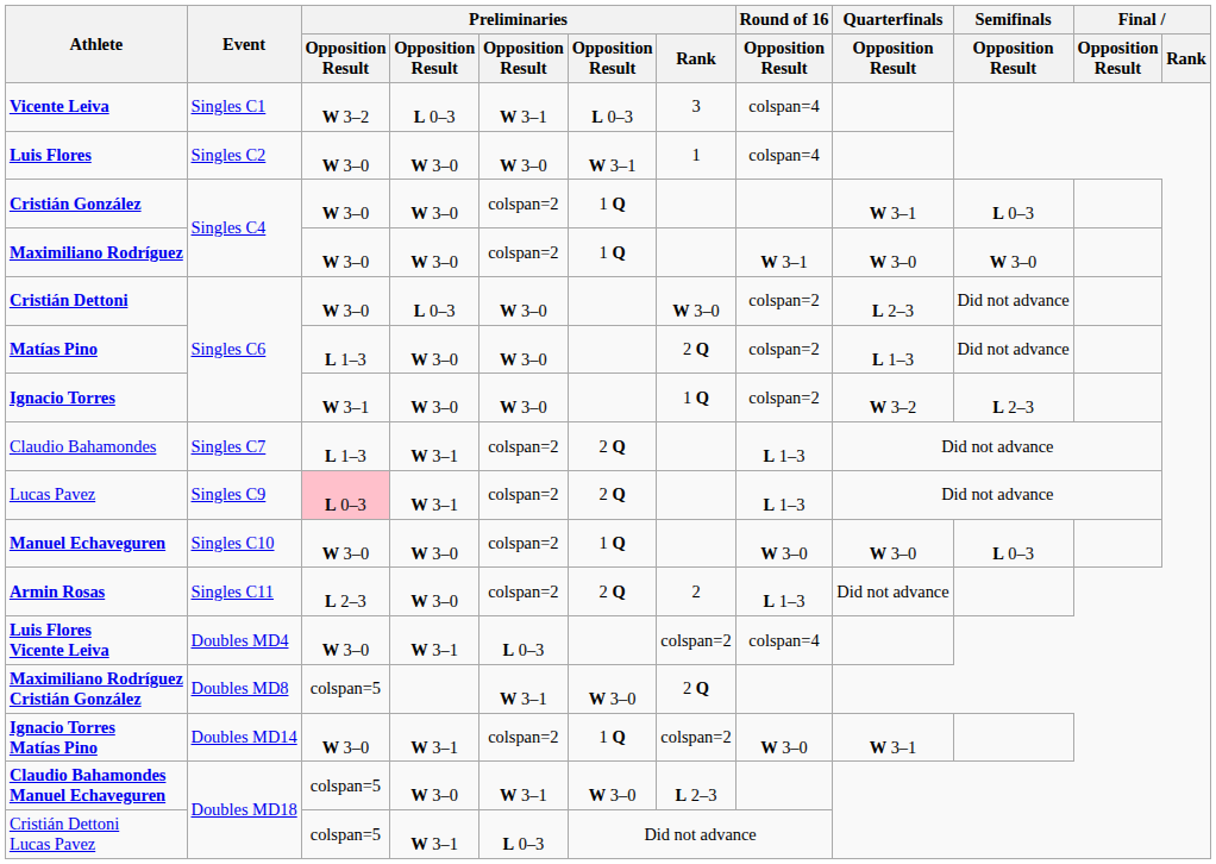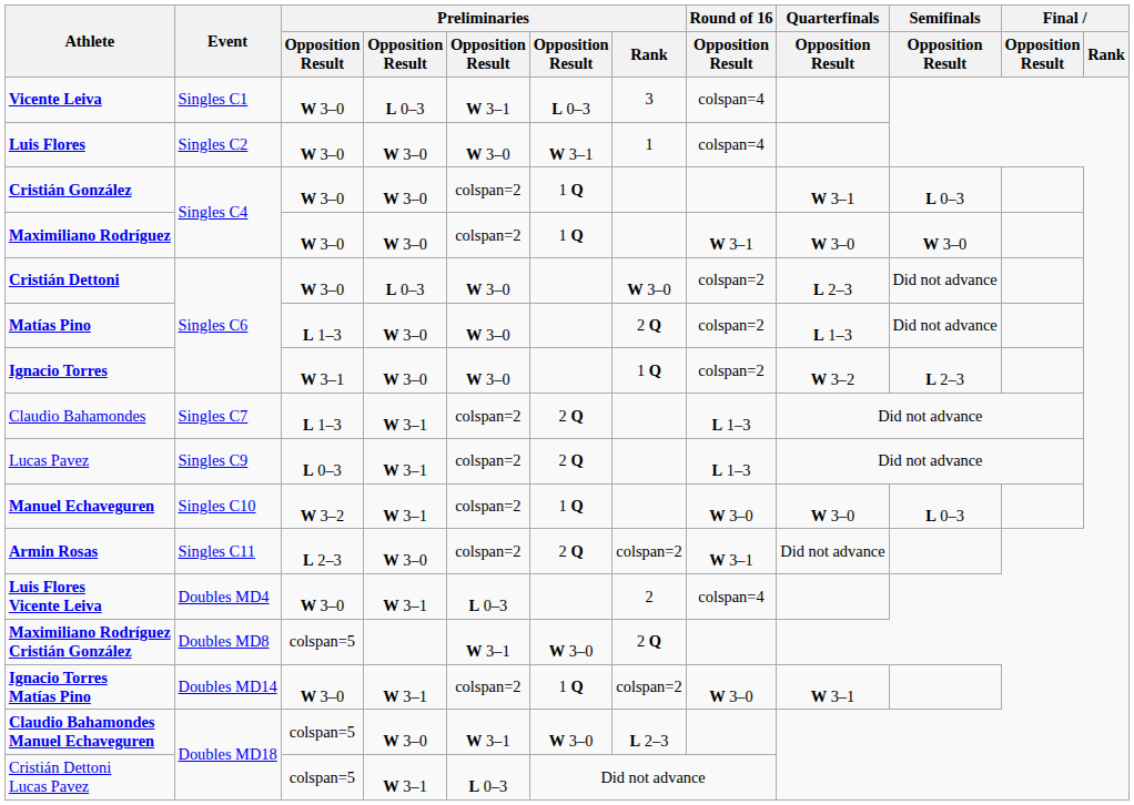 <table class=wikitable style="font-size:90%">
 <tr>
 <th rowspan="2">Athlete</th>
 <th rowspan="2">Event</th>
 <th colspan="5">Preliminaries</th>
 <th>Round of 16</th>
 <th>Quarterfinals</th>
 <th>Semifinals</th>
 <th colspan="2">Final / </th>
 </tr>
 <tr>
 <th>Opposition<br>Result</th>
 <th>Opposition<br>Result</th>
 <th>Opposition<br>Result</th>
 <th>Opposition<br>Result</th>
 <th>Rank</th>
 <th>Opposition<br>Result</th>
 <th>Opposition<br>Result</th>
 <th>Opposition<br>Result</th>
 <th>Opposition<br>Result</th>
 <th>Rank</th>
 </tr>
 <tr align=center>
 <td align=left><strong><a href='#'>Vicente Leiva</a></strong></td>
 <td align=left><a href='#'>Singles C1</a></td>
-<td><br><strong>W</strong> 3–2</td>
+<td><br><strong>W</strong> 3–0</td>
 <td><br><strong>L</strong> 0–3</td>
 <td><br><strong>W</strong> 3–1</td>
 <td><br><strong>L</strong> 0–3</td>
 <td>3</td>
 <td>colspan=4 </td>
 <td></td>
 </tr>
 <tr align=center>
 <td align=left><strong><a href='#'>Luis Flores</a></strong></td>
 <td align=left><a href='#'>Singles C2</a></td>
 <td><br><strong>W</strong> 3–0</td>
 <td><br><strong>W</strong> 3–0</td>
 <td><br><strong>W</strong> 3–0</td>
 <td><br><strong>W</strong> 3–1</td>
 <td>1</td>
 <td>colspan=4 </td>
 <td></td>
 </tr>
 <tr align=center>
 <td align=left><strong><a href='#'>Cristián González</a></strong></td>
 <td align=left rowspan=2><a href='#'>Singles C4</a></td>
 <td><br><strong>W</strong> 3–0</td>
 <td><br><strong>W</strong> 3–0</td>
 <td>colspan=2 </td>
 <td>1 <strong>Q</strong></td>
 <td></td>
 <td></td>
 <td><br><strong>W</strong> 3–1</td>
 <td><br><strong>L</strong> 0–3</td>
 <td></td>
 </tr>
 <tr align=center>
 <td align=left><strong><a href='#'>Maximiliano Rodríguez</a></strong></td>
 <td><br><strong>W</strong> 3–0</td>
 <td><br><strong>W</strong> 3–0</td>
 <td>colspan=2 </td>
 <td>1 <strong>Q</strong></td>
 <td></td>
 <td><br><strong>W</strong> 3–1</td>
 <td><br><strong>W</strong> 3–0</td>
 <td><br><strong>W</strong> 3–0</td>
 <td></td>
 </tr>
 <tr align=center>
 <td align=left><strong><a href='#'>Cristián Dettoni</a></strong></td>
 <td align=left rowspan=3><a href='#'>Singles C6</a></td>
 <td><br><strong>W</strong> 3–0</td>
 <td><br><strong>L</strong> 0–3</td>
 <td><br><strong>W</strong> 3–0</td>
 <td></td>
 <td><br><strong>W</strong> 3–0</td>
 <td>colspan=2 </td>
 <td><br><strong>L</strong> 2–3</td>
 <td>Did not advance</td>
 <td></td>
 </tr>
 <tr align=center>
 <td align=left><strong><a href='#'>Matías Pino</a></strong></td>
 <td><br><strong>L</strong> 1–3</td>
 <td><br><strong>W</strong> 3–0</td>
 <td><br><strong>W</strong> 3–0</td>
 <td></td>
 <td>2 <strong>Q</strong></td>
 <td>colspan=2 </td>
 <td><br><strong>L</strong> 1–3</td>
 <td>Did not advance</td>
 <td></td>
 </tr>
 <tr align=center>
 <td align=left><strong><a href='#'>Ignacio Torres</a></strong></td>
 <td><br><strong>W</strong> 3–1</td>
 <td><br><strong>W</strong> 3–0</td>
 <td><br><strong>W</strong> 3–0</td>
 <td></td>
 <td>1 <strong>Q</strong></td>
 <td>colspan=2 </td>
 <td><br><strong>W</strong> 3–2</td>
 <td><br><strong>L</strong> 2–3</td>
 <td></td>
 </tr>
 <tr align=center>
 <td align=left><a href='#'>Claudio Bahamondes</a></td>
 <td align=left><a href='#'>Singles C7</a></td>
 <td><br><strong>L</strong> 1–3</td>
 <td><br><strong>W</strong> 3–1</td>
 <td>colspan=2 </td>
 <td>2 <strong>Q</strong></td>
 <td></td>
 <td><br><strong>L</strong> 1–3</td>
 <td colspan=3>Did not advance</td>
 </tr>
 <tr align=center>
 <td align=left><a href='#'>Lucas Pavez</a></td>
 <td align=left><a href='#'>Singles C9</a></td>
-<td style="background: pink;"><br><strong>L</strong> 0–3</td>
+<td><br><strong>L</strong> 0–3</td>
 <td><br><strong>W</strong> 3–1</td>
 <td>colspan=2 </td>
 <td>2 <strong>Q</strong></td>
 <td></td>
 <td><br><strong>L</strong> 1–3</td>
 <td colspan=3>Did not advance</td>
 </tr>
 <tr align=center>
 <td align=left><strong><a href='#'>Manuel Echaveguren</a></strong></td>
 <td align=left><a href='#'>Singles C10</a></td>
-<td><br><strong>W</strong> 3–0</td>
-<td><br><strong>W</strong> 3–0</td>
+<td><br><strong>W</strong> 3–2</td>
+<td><br><strong>W</strong> 3–1</td>
 <td>colspan=2 </td>
 <td>1 <strong>Q</strong></td>
 <td></td>
 <td><br><strong>W</strong> 3–0</td>
 <td><br><strong>W</strong> 3–0</td>
 <td><br><strong>L</strong> 0–3</td>
 <td></td>
 </tr>
 <tr align=center>
 <td align=left><strong><a href='#'>Armin Rosas</a></strong></td>
 <td align=left><a href='#'>Singles C11</a></td>
 <td><br><strong>L</strong> 2–3</td>
 <td><br><strong>W</strong> 3–0</td>
 <td>colspan=2 </td>
 <td>2 <strong>Q</strong></td>
-<td>2</td>
-<td><br><strong>L</strong> 1–3</td>
+<td>colspan=2 </td>
+<td><br><strong>W</strong> 3–1</td>
 <td>Did not advance</td>
 <td></td>
 </tr>
 <tr align=center>
 <td align=left><strong><a href='#'>Luis Flores</a><br><a href='#'>Vicente Leiva</a></strong></td>
 <td align=left><a href='#'>Doubles MD4</a></td>
 <td><br><strong>W</strong> 3–0</td>
 <td><br><strong>W</strong> 3–1</td>
 <td><br><strong>L</strong> 0–3</td>
 <td></td>
-<td>colspan=2 </td>
+<td>2</td>
 <td>colspan=4 </td>
 <td></td>
 </tr>
 <tr align=center>
 <td align=left><strong><a href='#'>Maximiliano Rodríguez</a><br><a href='#'>Cristián González</a></strong></td>
 <td align=left><a href='#'>Doubles MD8</a></td>
 <td>colspan=5 </td>
 <td></td>
 <td><br><strong>W</strong> 3–1</td>
 <td><br><strong>W</strong> 3–0</td>
 <td>2 <strong>Q</strong></td>
 <td></td>
 </tr>
 <tr align=center>
 <td align=left><strong><a href='#'>Ignacio Torres</a><br><a href='#'>Matías Pino</a></strong></td>
 <td align=left><a href='#'>Doubles MD14</a></td>
 <td><br><strong>W</strong> 3–0</td>
 <td><br><strong>W</strong> 3–1</td>
 <td>colspan=2 </td>
 <td>1 <strong>Q</strong></td>
 <td>colspan=2 </td>
 <td><br><strong>W</strong> 3–0</td>
 <td><br><strong>W</strong> 3–1</td>
 <td></td>
 </tr>
 <tr align=center>
 <td align=left><strong><a href='#'>Claudio Bahamondes</a><br><a href='#'>Manuel Echaveguren</a></strong></td>
 <td align=left rowspan=2><a href='#'>Doubles MD18</a></td>
 <td>colspan=5 </td>
 <td><br><strong>W</strong> 3–0</td>
 <td><br><strong>W</strong> 3–1</td>
 <td><br><strong>W</strong> 3–0</td>
 <td><br><strong>L</strong> 2–3</td>
 <td></td>
 </tr>
 <tr align=center>
 <td align=left><a href='#'>Cristián Dettoni</a><br><a href='#'>Lucas Pavez</a></td>
 <td>colspan=5 </td>
 <td><br><strong>W</strong> 3–1</td>
 <td><br><strong>L</strong> 0–3</td>
 <td colspan=3>Did not advance</td>
 </tr>
 </table>
